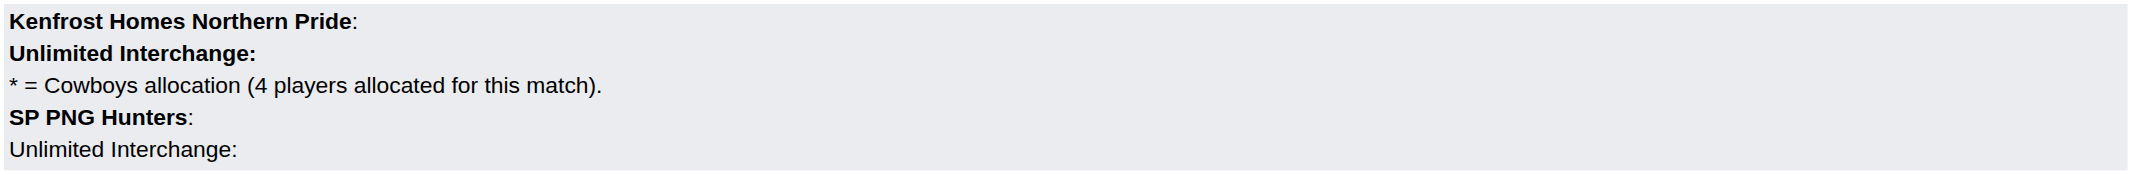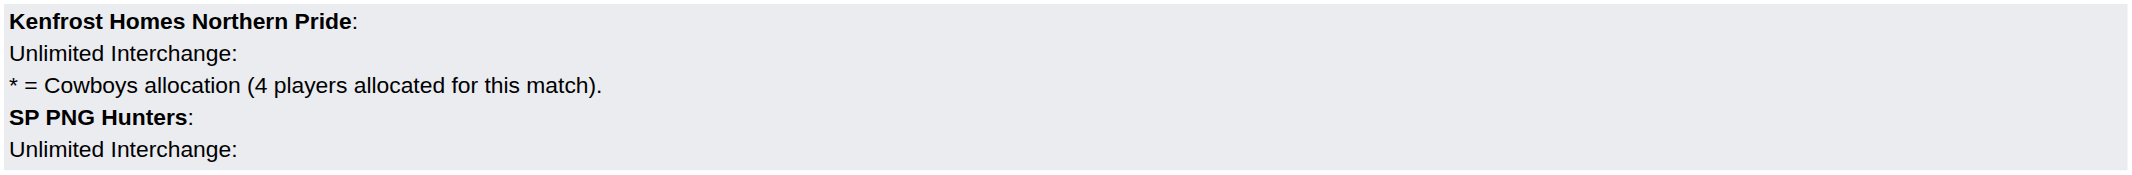 <table style="background:#eaecf0; font-size:85%; width:100%;">
 <tr>
 <td><strong>Kenfrost Homes Northern Pride</strong>:             </td>
 </tr>
 <tr>
-<td><strong>Unlimited Interchange:       </strong></td>
+<td>Unlimited Interchange:       </td>
 </tr>
 <tr>
 <td>* = Cowboys allocation (4 players allocated for this match).</td>
 </tr>
 <tr>
 <td><strong>SP PNG Hunters</strong>:             </td>
 </tr>
 <tr>
 <td>Unlimited Interchange:       </td>
 </tr>
 <tr>
 </tr>
 </table>
